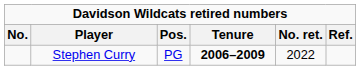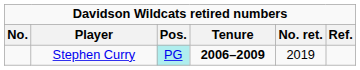 <table class="wikitable sortable" style="text-align:center">
 <tr>
 <td colspan=6><strong>Davidson Wildcats retired numbers</strong></td>
 </tr>
 <tr>
 <th width=px>No.</th>
 <th width=150px>Player</th>
 <th width=px>Pos.</th>
 <th width=100px>Tenure</th>
 <th width=px>No. ret.</th>
 <th width=px>Ref.</th>
 </tr>
 <tr>
 <td></td>
 <td><a href='#'>Stephen Curry</a></td>
-<td><a href='#'>PG</a></td>
+<td style="background: paleturquoise;"><a href='#'>PG</a></td>
 <td><strong>2006–2009</strong></td>
-<td>2022</td>
+<td>2019</td>
 <td></td>
 </tr>
 </table>
